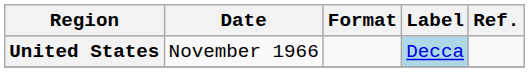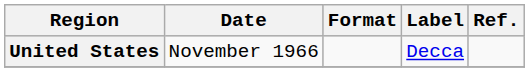 <table class="wikitable plainrowheaders">
 <tr>
 <th scope="col">Region</th>
 <th scope="col">Date</th>
 <th scope="col">Format</th>
 <th scope="col">Label</th>
 <th scope="col">Ref.</th>
 </tr>
 <tr>
 <th scope="row">United States</th>
 <td>November 1966</td>
 <td></td>
-<td style="background: lightblue;"><a href='#'>Decca</a></td>
+<td><a href='#'>Decca</a></td>
 <td></td>
 </tr>
 <tr>
 </tr>
 </table>
